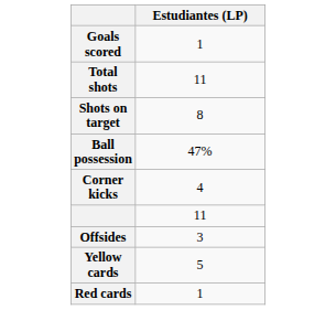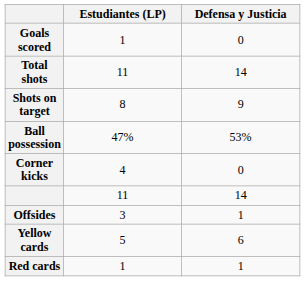 <table class="wikitable" style="text-align: center; margin: 0 auto;">
 <tr>
 <th scope="col" style="width:70px"></th>
 <th scope="col" style="width:150px">Estudiantes (LP)</th>
+<th scope="col" style="width:150px">Defensa y Justicia</th>
 </tr>
 <tr>
 <th scope=row>Goals scored</th>
 <td>1</td>
+<td>0</td>
 </tr>
 <tr>
 <th scope=row>Total shots</th>
 <td>11</td>
+<td>14</td>
 </tr>
 <tr>
 <th scope=row>Shots on target</th>
 <td>8</td>
+<td>9</td>
 </tr>
 <tr>
 <th scope=row>Ball possession</th>
 <td>47%</td>
+<td>53%</td>
 </tr>
 <tr>
 <th scope=row>Corner kicks</th>
 <td>4</td>
+<td>0</td>
 </tr>
 <tr>
 <th scope=row></th>
 <td>11</td>
+<td>14</td>
 </tr>
 <tr>
 <th scope=row>Offsides</th>
 <td>3</td>
+<td>1</td>
 </tr>
 <tr>
 <th scope=row>Yellow cards</th>
 <td>5</td>
+<td>6</td>
 </tr>
 <tr>
 <th scope=row>Red cards</th>
 <td>1</td>
+<td>1</td>
 </tr>
 </table>
